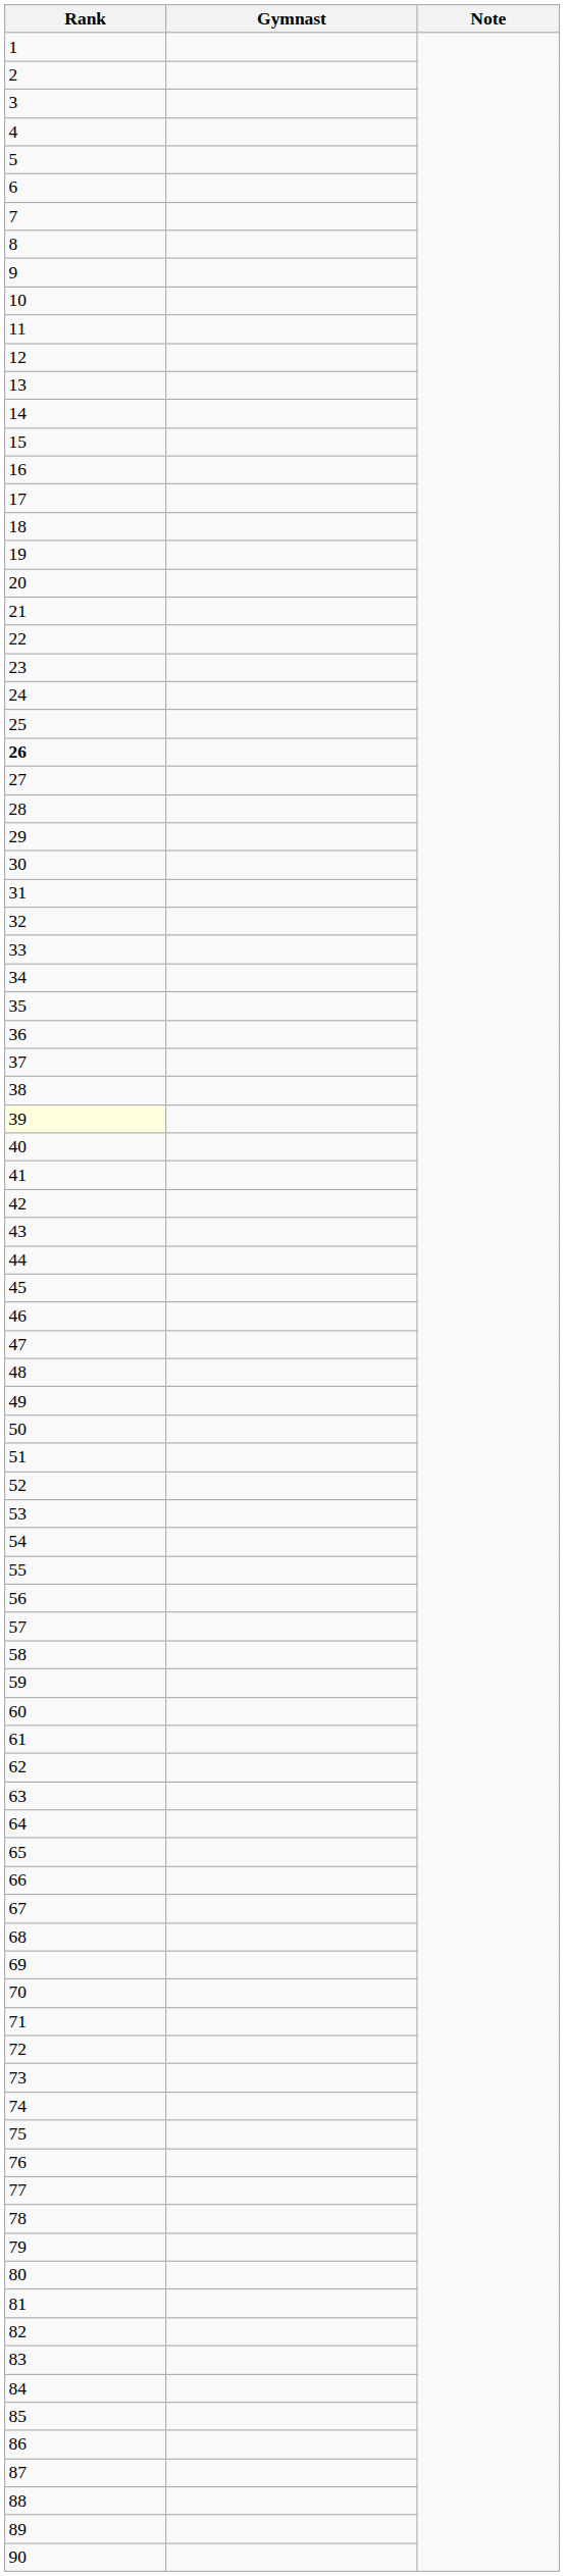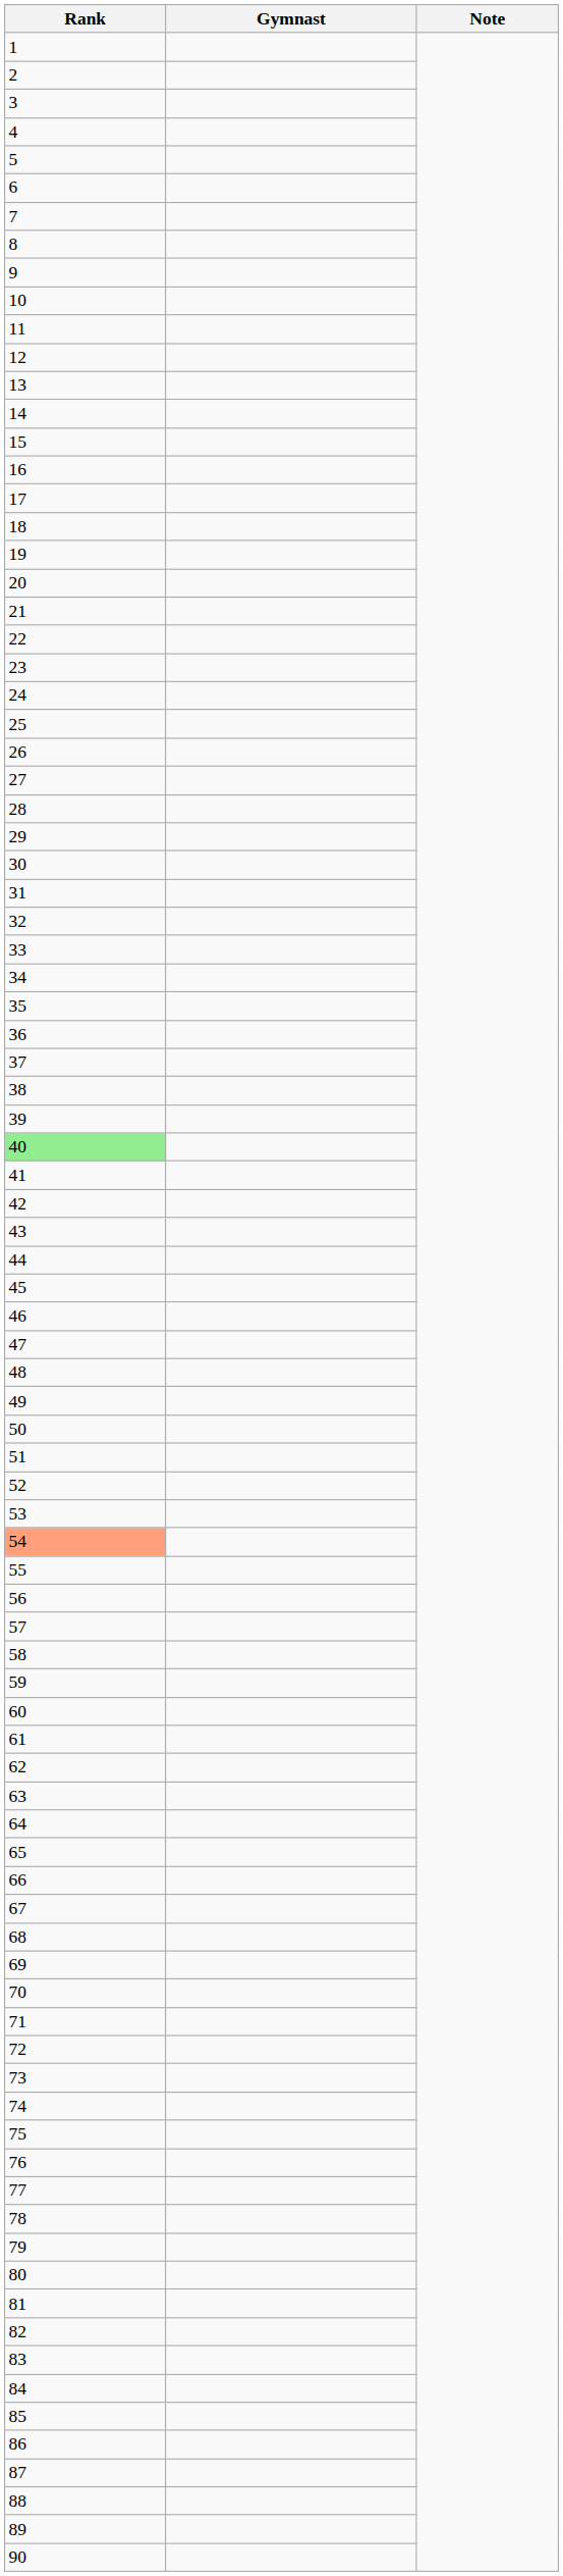 <table class="wikitable" width=500>
 <tr bgcolor="#efefef">
 <th>Rank</th>
 <th>Gymnast</th>
 <th>Note</th>
 </tr>
 <tr>
 <td>1</td>
 <td></td>
 </tr>
 <tr>
 <td>2</td>
 <td></td>
 </tr>
 <tr>
 <td>3</td>
 <td></td>
 </tr>
 <tr>
 <td>4</td>
 <td></td>
 </tr>
 <tr>
 <td>5</td>
 <td></td>
 </tr>
 <tr>
 <td>6</td>
 <td></td>
 </tr>
 <tr>
 <td>7</td>
 <td></td>
 </tr>
 <tr>
 <td>8</td>
 <td></td>
 </tr>
 <tr>
 <td>9</td>
 <td></td>
 </tr>
 <tr>
 <td>10</td>
 <td></td>
 </tr>
 <tr>
 <td>11</td>
 <td></td>
 </tr>
 <tr>
 <td>12</td>
 <td></td>
 </tr>
 <tr>
 <td>13</td>
 <td></td>
 </tr>
 <tr>
 <td>14</td>
 <td></td>
 </tr>
 <tr>
 <td>15</td>
 <td></td>
 </tr>
 <tr>
 <td>16</td>
 <td></td>
 </tr>
 <tr>
 <td>17</td>
 <td></td>
 </tr>
 <tr>
 <td>18</td>
 <td></td>
 </tr>
 <tr>
 <td>19</td>
 <td></td>
 </tr>
 <tr>
 <td>20</td>
 <td></td>
 </tr>
 <tr>
 <td>21</td>
 <td></td>
 </tr>
 <tr>
 <td>22</td>
 <td></td>
 </tr>
 <tr>
 <td>23</td>
 <td></td>
 </tr>
 <tr>
 <td>24</td>
 <td></td>
 </tr>
 <tr>
 <td>25</td>
 <td></td>
 </tr>
 <tr>
-<td><strong>26</strong></td>
+<td>26</td>
 <td></td>
 </tr>
 <tr>
 <td>27</td>
 <td></td>
 </tr>
 <tr>
 <td>28</td>
 <td></td>
 </tr>
 <tr>
 <td>29</td>
 <td></td>
 </tr>
 <tr>
 <td>30</td>
 <td></td>
 </tr>
 <tr>
 <td>31</td>
 <td></td>
 </tr>
 <tr>
 <td>32</td>
 <td></td>
 </tr>
 <tr>
 <td>33</td>
 <td></td>
 </tr>
 <tr>
 <td>34</td>
 <td></td>
 </tr>
 <tr>
 <td>35</td>
 <td></td>
 </tr>
 <tr>
 <td>36</td>
 <td></td>
 </tr>
 <tr>
 <td>37</td>
 <td></td>
 </tr>
 <tr>
 <td>38</td>
 <td></td>
 </tr>
 <tr>
-<td style="background: lightyellow;">39</td>
+<td>39</td>
 <td></td>
 </tr>
 <tr>
-<td>40</td>
+<td style="background: lightgreen;">40</td>
 <td></td>
 </tr>
 <tr>
 <td>41</td>
 <td></td>
 </tr>
 <tr>
 <td>42</td>
 <td></td>
 </tr>
 <tr>
 <td>43</td>
 <td></td>
 </tr>
 <tr>
 <td>44</td>
 <td></td>
 </tr>
 <tr>
 <td>45</td>
 <td></td>
 </tr>
 <tr>
 <td>46</td>
 <td></td>
 </tr>
 <tr>
 <td>47</td>
 <td></td>
 </tr>
 <tr>
 <td>48</td>
 <td></td>
 </tr>
 <tr>
 <td>49</td>
 <td></td>
 </tr>
 <tr>
 <td>50</td>
 <td></td>
 </tr>
 <tr>
 <td>51</td>
 <td></td>
 </tr>
 <tr>
 <td>52</td>
 <td></td>
 </tr>
 <tr>
 <td>53</td>
 <td></td>
 </tr>
 <tr>
-<td>54</td>
+<td style="background: lightsalmon;">54</td>
 <td></td>
 </tr>
 <tr>
 <td>55</td>
 <td></td>
 </tr>
 <tr>
 <td>56</td>
 <td></td>
 </tr>
 <tr>
 <td>57</td>
 <td></td>
 </tr>
 <tr>
 <td>58</td>
 <td></td>
 </tr>
 <tr>
 <td>59</td>
 <td></td>
 </tr>
 <tr>
 <td>60</td>
 <td></td>
 </tr>
 <tr>
 <td>61</td>
 <td></td>
 </tr>
 <tr>
 <td>62</td>
 <td></td>
 </tr>
 <tr>
 <td>63</td>
 <td></td>
 </tr>
 <tr>
 <td>64</td>
 <td></td>
 </tr>
 <tr>
 <td>65</td>
 <td></td>
 </tr>
 <tr>
 <td>66</td>
 <td></td>
 </tr>
 <tr>
 <td>67</td>
 <td></td>
 </tr>
 <tr>
 <td>68</td>
 <td></td>
 </tr>
 <tr>
 <td>69</td>
 <td></td>
 </tr>
 <tr>
 <td>70</td>
 <td></td>
 </tr>
 <tr>
 <td>71</td>
 <td></td>
 </tr>
 <tr>
 <td>72</td>
 <td></td>
 </tr>
 <tr>
 <td>73</td>
 <td></td>
 </tr>
 <tr>
 <td>74</td>
 <td></td>
 </tr>
 <tr>
 <td>75</td>
 <td></td>
 </tr>
 <tr>
 <td>76</td>
 <td></td>
 </tr>
 <tr>
 <td>77</td>
 <td></td>
 </tr>
 <tr>
 <td>78</td>
 <td></td>
 </tr>
 <tr>
 <td>79</td>
 <td></td>
 </tr>
 <tr>
 <td>80</td>
 <td></td>
 </tr>
 <tr>
 <td>81</td>
 <td></td>
 </tr>
 <tr>
 <td>82</td>
 <td></td>
 </tr>
 <tr>
 <td>83</td>
 <td></td>
 </tr>
 <tr>
 <td>84</td>
 <td></td>
 </tr>
 <tr>
 <td>85</td>
 <td></td>
 </tr>
 <tr>
 <td>86</td>
 <td></td>
 </tr>
 <tr>
 <td>87</td>
 <td></td>
 </tr>
 <tr>
 <td>88</td>
 <td></td>
 </tr>
 <tr>
 <td>89</td>
 <td></td>
 </tr>
 <tr>
 <td>90</td>
 <td></td>
 </tr>
 </table>
